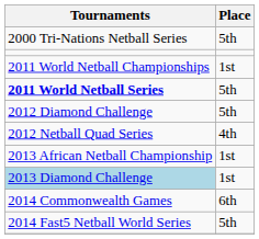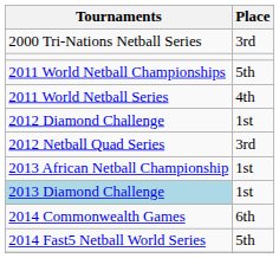 <table class="wikitable collapsible">
 <tr>
 <th>Tournaments</th>
 <th>Place</th>
 </tr>
 <tr>
 <td>2000 Tri-Nations Netball Series</td>
-<td>5th</td>
+<td>3rd</td>
 </tr>
 <tr>
 <td></td>
 <td></td>
 </tr>
 <tr>
 <td><a href='#'>2011 World Netball Championships</a></td>
+<td>5th</td>
+</tr>
+<tr>
+<td><a href='#'>2011 World Netball Series</a></td>
+<td>4th</td>
+</tr>
+<tr>
+<td><a href='#'>2012 Diamond Challenge</a></td>
 <td>1st</td>
 </tr>
 <tr>
-<td><strong><a href='#'>2011 World Netball Series</a></strong></td>
-<td>5th</td>
-</tr>
-<tr>
-<td><a href='#'>2012 Diamond Challenge</a></td>
-<td>5th</td>
-</tr>
-<tr>
 <td><a href='#'>2012 Netball Quad Series</a></td>
-<td>4th</td>
+<td>3rd</td>
 </tr>
 <tr>
 <td><a href='#'>2013 African Netball Championship</a></td>
 <td>1st</td>
 </tr>
 <tr>
 <td style="background: lightblue;"><a href='#'>2013 Diamond Challenge</a></td>
 <td>1st</td>
 </tr>
 <tr>
 <td><a href='#'>2014 Commonwealth Games</a></td>
 <td>6th</td>
 </tr>
 <tr>
 <td><a href='#'>2014 Fast5 Netball World Series</a></td>
 <td>5th</td>
 </tr>
 <tr>
 </tr>
 </table>
